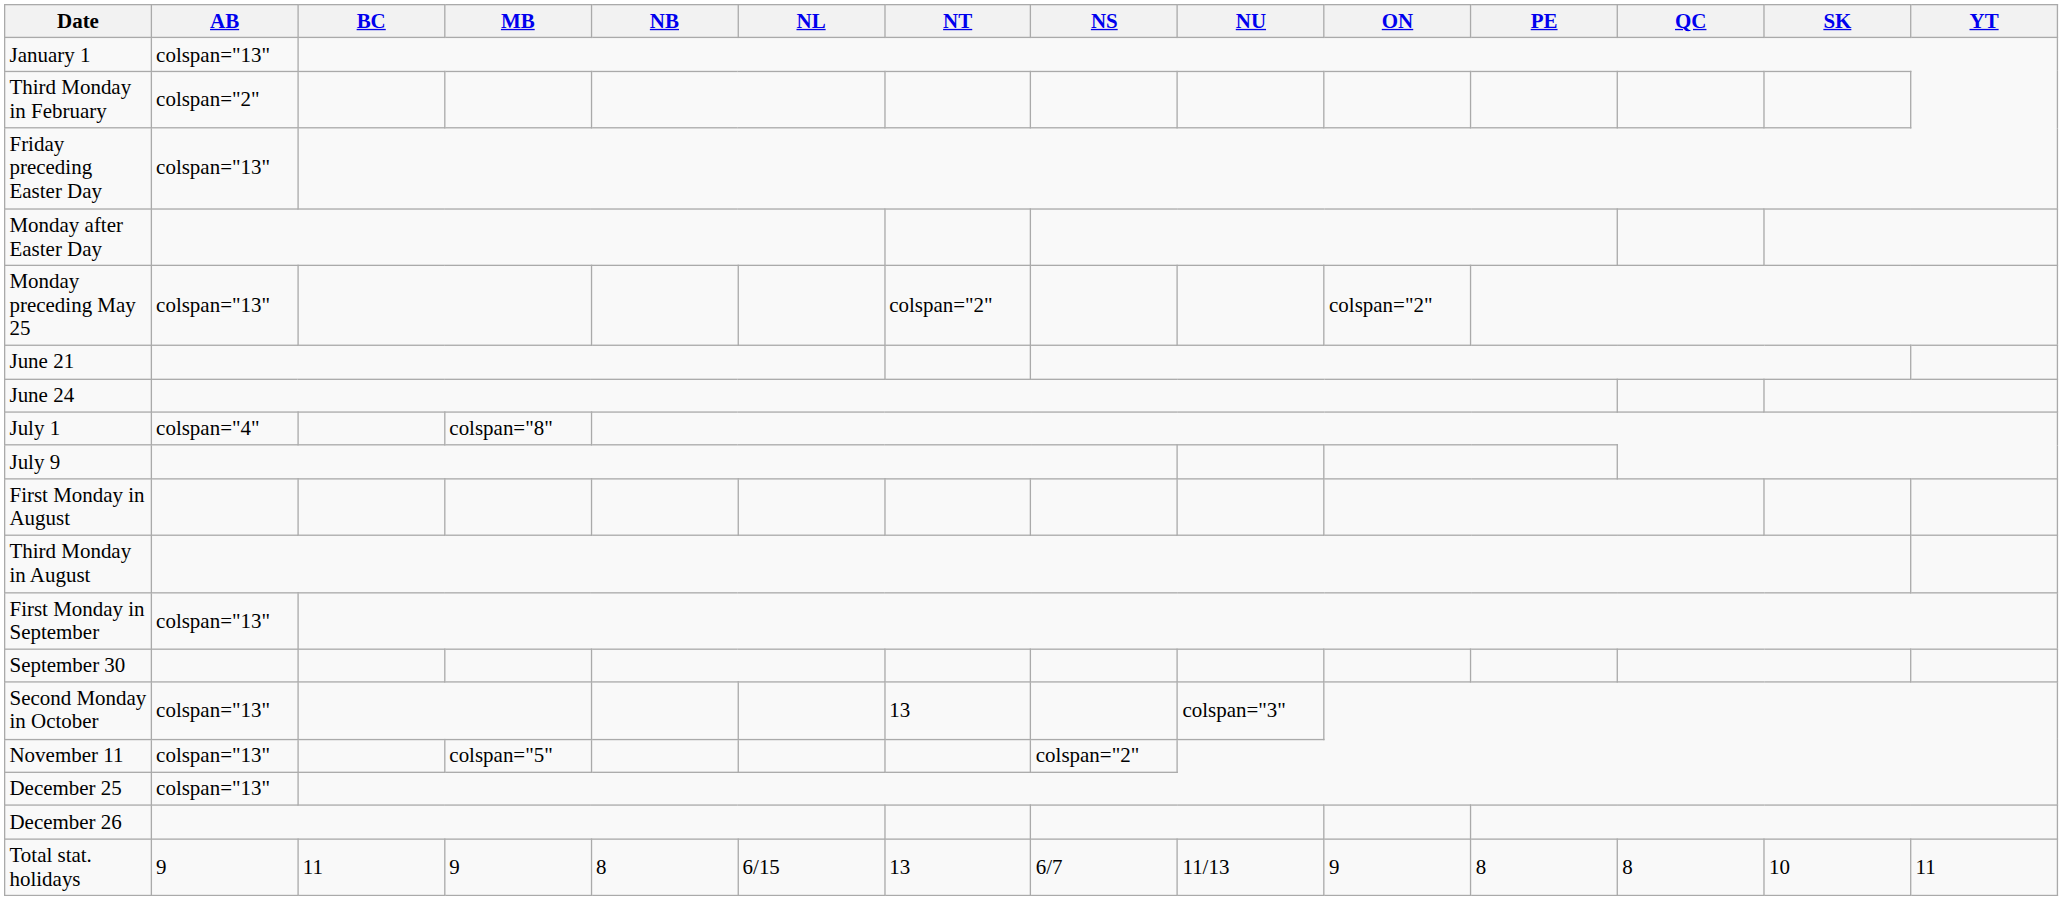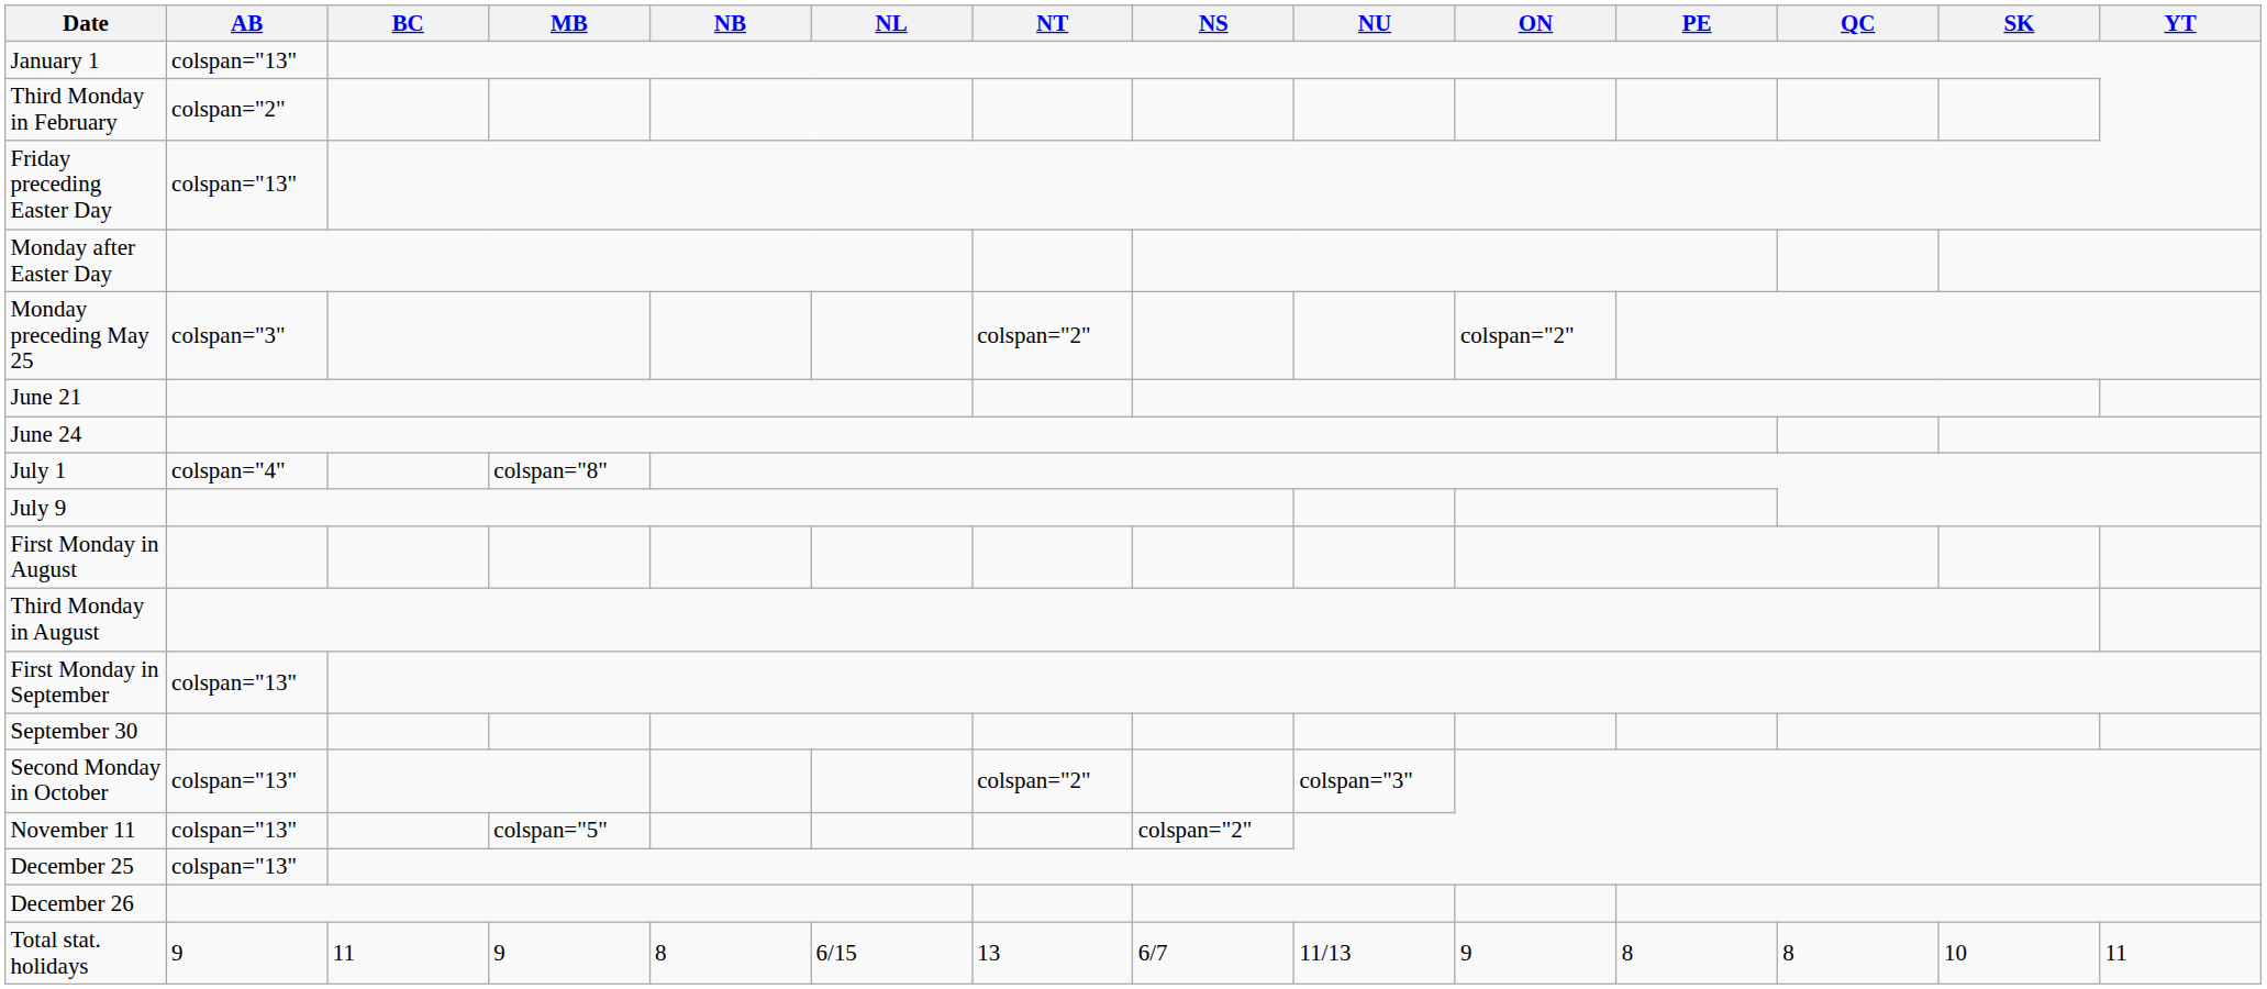 <table class="wikitable sortable sticky-header" style=text-align:left;">
 <tr>
 <th width=7.14%>Date</th>
 <th width=7.14%><a href='#'>AB</a></th>
 <th width=7.14%><a href='#'>BC</a></th>
 <th width=7.14%><a href='#'>MB</a></th>
 <th width=7.14%><a href='#'>NB</a></th>
 <th width=7.14%><a href='#'>NL</a></th>
 <th width=7.14%><a href='#'>NT</a></th>
 <th width=7.14%><a href='#'>NS</a></th>
 <th width=7.14%><a href='#'>NU</a></th>
 <th width=7.14%><a href='#'>ON</a></th>
 <th width=7.14%><a href='#'>PE</a></th>
 <th width=7.14%><a href='#'>QC</a></th>
 <th width=7.14%><a href='#'>SK</a></th>
 <th width=7.14%><a href='#'>YT</a></th>
 </tr>
 <tr>
 <td>January 1</td>
 <td>colspan="13" </td>
 </tr>
 <tr>
 <td>Third Monday in February</td>
 <td>colspan="2" </td>
 <td></td>
 <td></td>
 <td colspan="2"></td>
 <td></td>
 <td></td>
 <td></td>
 <td></td>
 <td></td>
 <td></td>
 <td></td>
 </tr>
 <tr>
 <td>Friday preceding Easter Day</td>
 <td>colspan="13" </td>
 </tr>
 <tr>
 <td>Monday after Easter Day</td>
 <td colspan="5"></td>
 <td></td>
 <td colspan="4"></td>
 <td></td>
 <td colspan="2"></td>
 </tr>
 <tr>
 <td>Monday preceding May 25</td>
-<td>colspan="13" </td>
+<td>colspan="3" </td>
 <td colspan="2"></td>
 <td></td>
 <td></td>
 <td>colspan="2" </td>
 <td></td>
 <td></td>
 <td>colspan="2" </td>
 </tr>
 <tr>
 <td>June 21</td>
 <td colspan="5"></td>
 <td></td>
 <td colspan="6"></td>
 <td></td>
 </tr>
 <tr>
 <td>June 24</td>
 <td colspan="10"></td>
 <td></td>
 <td colspan="2"></td>
 </tr>
 <tr>
 <td>July 1</td>
 <td>colspan="4" </td>
 <td></td>
 <td>colspan="8" </td>
 </tr>
 <tr>
 <td>July 9</td>
 <td colspan="7"></td>
 <td></td>
 <td colspan="2"></td>
 </tr>
 <tr>
 <td>First Monday in August</td>
 <td></td>
 <td></td>
 <td></td>
 <td></td>
 <td></td>
 <td></td>
 <td></td>
 <td></td>
 <td colspan="3"></td>
 <td></td>
 <td></td>
 </tr>
 <tr>
 <td>Third Monday in August</td>
 <td colspan="12"></td>
 <td></td>
 </tr>
 <tr>
 <td>First Monday in September</td>
 <td>colspan="13" </td>
 </tr>
 <tr>
 <td>September 30</td>
 <td></td>
 <td></td>
 <td></td>
 <td colspan="2"></td>
 <td></td>
 <td></td>
 <td></td>
 <td></td>
 <td></td>
 <td colspan="2"></td>
 <td></td>
 </tr>
 <tr>
 <td>Second Monday in October</td>
 <td>colspan="13" </td>
 <td colspan="2"></td>
 <td></td>
 <td></td>
-<td>13</td>
+<td>colspan="2" </td>
 <td></td>
 <td>colspan="3" </td>
 </tr>
 <tr>
 <td>November 11</td>
 <td>colspan="13" </td>
 <td></td>
 <td>colspan="5" </td>
 <td></td>
 <td></td>
 <td></td>
 <td>colspan="2" </td>
 </tr>
 <tr>
 <td>December 25</td>
 <td>colspan="13" </td>
 </tr>
 <tr>
 <td>December 26</td>
 <td colspan="5"></td>
 <td></td>
 <td colspan="2"></td>
 <td></td>
 <td colspan="4"></td>
 </tr>
 <tr>
 <td>Total stat. holidays</td>
 <td>9</td>
 <td>11</td>
 <td>9</td>
 <td>8</td>
 <td>6/15</td>
 <td>13</td>
 <td>6/7</td>
 <td>11/13</td>
 <td>9</td>
 <td>8</td>
 <td>8</td>
 <td>10</td>
 <td>11</td>
 </tr>
 </table>
